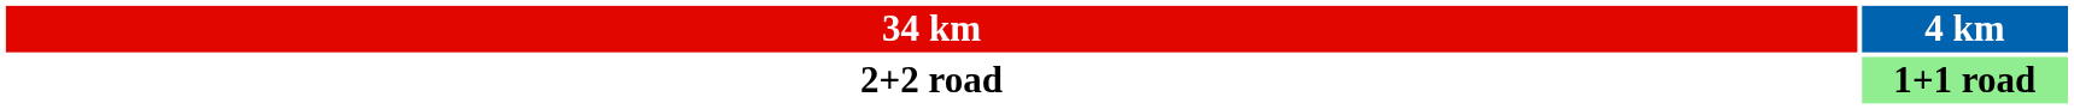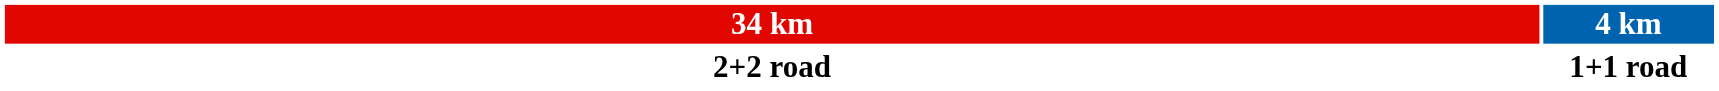 <table style="width:70%; font-weight:bold; text-align:center">
 <tr>
 <td style="background:#E10600; width:90%; color:white">34 km</td>
 <td style="background:#0063AF; width:10%; color:white">4 km</td>
 </tr>
 <tr>
 <td>2+2 road</td>
-<td style="background: lightgreen;">1+1 road</td>
+<td>1+1 road</td>
 </tr>
 </table>
